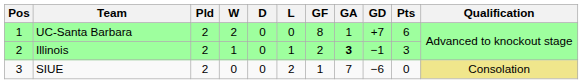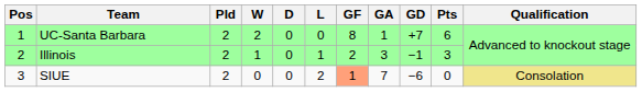 <table class="wikitable" style="text-align:center; margin: 1em auto">
 <tr>
 <th style="width:2em">Pos</th>
 <th style="width:13em">Team</th>
 <th style="width:2em">Pld</th>
 <th style="width:2em">W</th>
 <th style="width:2em">D</th>
 <th style="width:2em">L</th>
 <th style="width:2em">GF</th>
 <th style="width:2em">GA</th>
 <th style="width:2em">GD</th>
 <th style="width:2em">Pts</th>
 <th style="width:13em">Qualification</th>
 </tr>
 <tr bgcolor="#9eff9e">
 <td>1</td>
 <td style="text-align:left">UC-Santa Barbara</td>
 <td>2</td>
 <td>2</td>
 <td>0</td>
 <td>0</td>
 <td>8</td>
 <td>1</td>
 <td>+7</td>
 <td>6</td>
 <td rowspan="2">Advanced to knockout stage</td>
 </tr>
 <tr bgcolor="#9eff9e">
 <td>2</td>
 <td style="text-align:left">Illinois</td>
 <td>2</td>
 <td>1</td>
 <td>0</td>
 <td>1</td>
 <td>2</td>
-<td><strong>3</strong></td>
+<td>3</td>
 <td>−1</td>
 <td>3</td>
 </tr>
 <tr>
 <td>3</td>
 <td style="text-align:left">SIUE</td>
 <td>2</td>
 <td>0</td>
 <td>0</td>
 <td>2</td>
-<td>1</td>
+<td style="background: lightsalmon;">1</td>
 <td>7</td>
 <td>−6</td>
 <td>0</td>
 <td style="background: khaki;">Consolation</td>
 </tr>
 </table>
